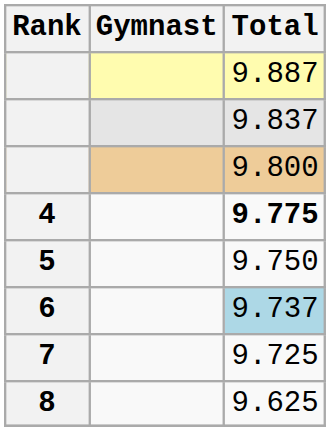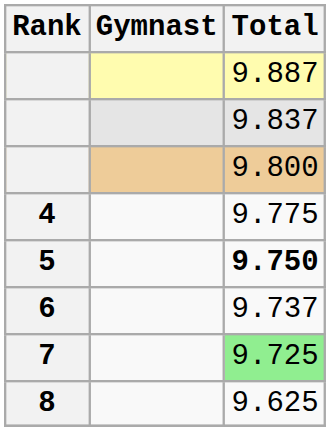 <table class="wikitable sortable" style="text-align:center; font-size:95%">
 <tr>
 <th scope=col>Rank</th>
 <th scope=col>Gymnast</th>
 <th scope=col>Total</th>
 </tr>
 <tr bgcolor=fffcaf>
 <th scope=row style="text-align:center"></th>
 <td align=left></td>
 <td>9.887</td>
 </tr>
 <tr bgcolor=e5e5e5>
 <th scope=row style="text-align:center"></th>
 <td align=left></td>
 <td>9.837</td>
 </tr>
 <tr bgcolor=eecc99>
 <th scope=row style="text-align:center"></th>
 <td align=left></td>
 <td>9.800</td>
 </tr>
 <tr>
 <th scope=row style="text-align:center">4</th>
 <td align=left></td>
-<td><strong>9.775</strong></td>
+<td>9.775</td>
 </tr>
 <tr>
 <th scope=row style="text-align:center">5</th>
 <td align=left></td>
-<td>9.750</td>
+<td><strong>9.750</strong></td>
 </tr>
 <tr>
 <th scope=row style="text-align:center">6</th>
 <td align=left></td>
-<td style="background: lightblue;">9.737</td>
+<td>9.737</td>
 </tr>
 <tr>
 <th scope=row style="text-align:center">7</th>
 <td align=left></td>
-<td>9.725</td>
+<td style="background: lightgreen;">9.725</td>
 </tr>
 <tr>
 <th scope=row style="text-align:center">8</th>
 <td align=left></td>
 <td>9.625</td>
 </tr>
 <tr>
 </tr>
 </table>
